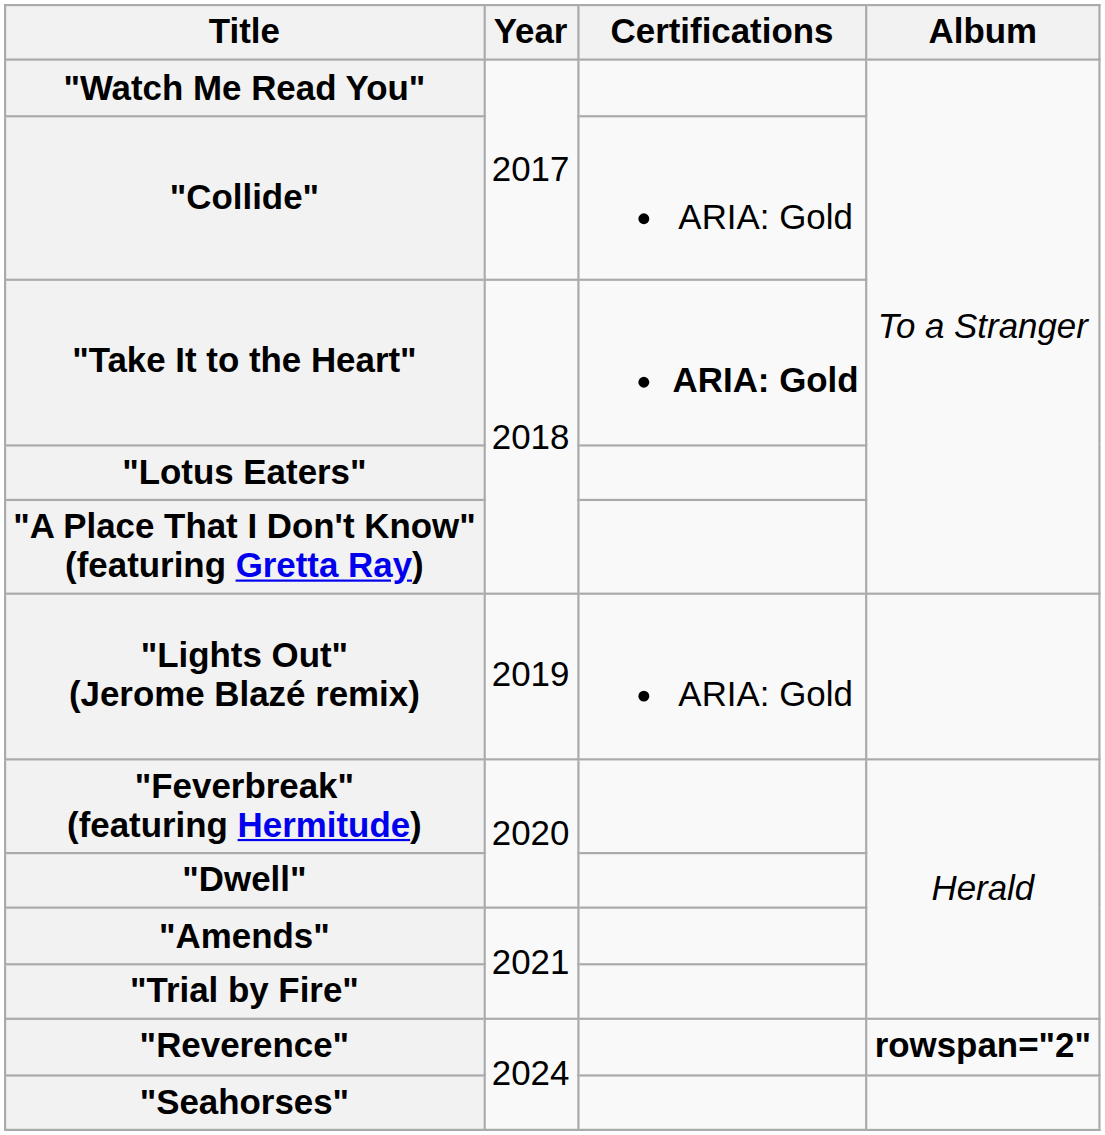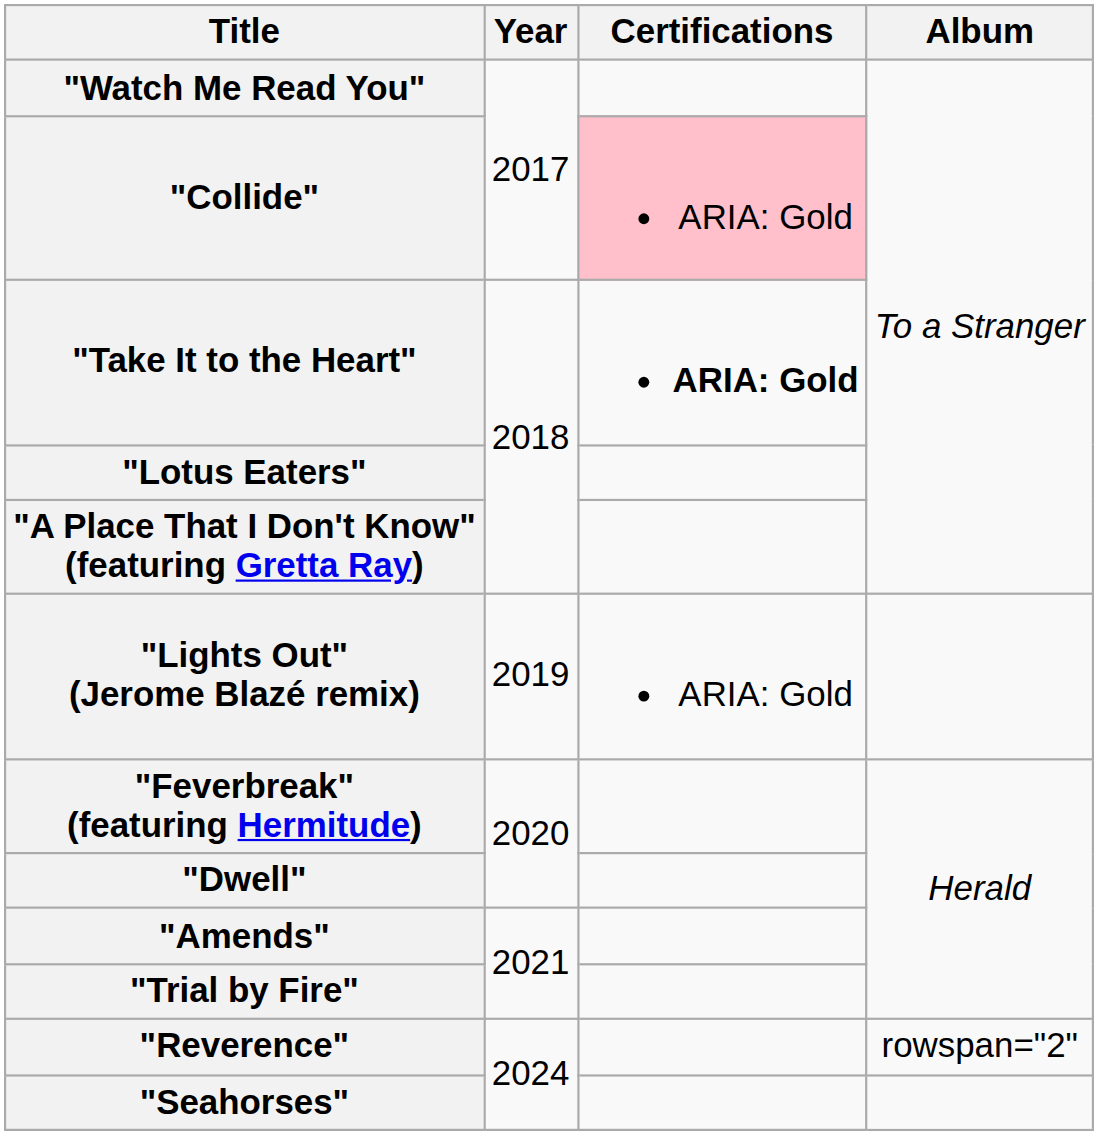 <table class="wikitable plainrowheaders" style="text-align:center;">
 <tr>
 <th scope="col">Title</th>
 <th scope="col">Year</th>
 <th scope="col">Certifications</th>
 <th scope="col">Album</th>
 </tr>
 <tr>
 <th scope="row">"Watch Me Read You"</th>
 <td rowspan="2">2017</td>
 <td></td>
 <td rowspan="5"><em>To a Stranger</em></td>
 </tr>
 <tr>
 <th scope="row">"Collide"</th>
-<td><br><ul><li>ARIA: Gold</li></ul></td>
+<td style="background: pink;"><br><ul><li>ARIA: Gold</li></ul></td>
 </tr>
 <tr>
 <th scope="row">"Take It to the Heart"</th>
 <td rowspan="3">2018</td>
 <td><strong><br><ul><li>ARIA: Gold</li></ul></strong></td>
 </tr>
 <tr>
 <th scope="row">"Lotus Eaters"</th>
 <td></td>
 </tr>
 <tr>
 <th scope="row">"A Place That I Don't Know"<br><span>(featuring <a href='#'>Gretta Ray</a>)</span></th>
 <td></td>
 </tr>
 <tr>
 <th scope="row">"Lights Out"<br><span>(Jerome Blazé remix)</span></th>
 <td>2019</td>
 <td><br><ul><li>ARIA: Gold</li></ul></td>
 <td></td>
 </tr>
 <tr>
 <th scope="row">"Feverbreak"<br><span>(featuring <a href='#'>Hermitude</a>)</span></th>
 <td rowspan="2">2020</td>
 <td></td>
 <td rowspan="4"><em>Herald</em></td>
 </tr>
 <tr>
 <th scope="row">"Dwell"</th>
 <td></td>
 </tr>
 <tr>
 <th scope="row">"Amends"</th>
 <td rowspan="2">2021</td>
 <td></td>
 </tr>
 <tr>
 <th scope="row">"Trial by Fire"</th>
 <td></td>
 </tr>
 <tr>
 <th scope="row">"Reverence"</th>
 <td rowspan="2">2024</td>
 <td></td>
-<td><strong>rowspan="2" </strong></td>
+<td>rowspan="2" </td>
 </tr>
 <tr>
 <th scope="row">"Seahorses"</th>
 <td></td>
 </tr>
 <tr>
 </tr>
 </table>
